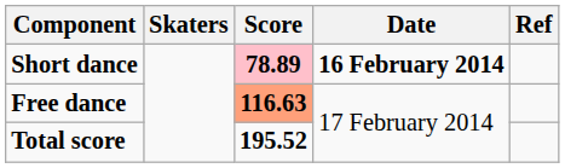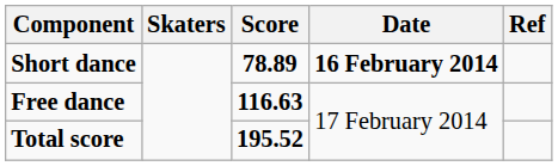 <table class=wikitable>
 <tr>
 <th>Component</th>
 <th>Skaters</th>
 <th>Score</th>
 <th>Date</th>
 <th>Ref</th>
 </tr>
 <tr>
 <td><strong>Short dance</strong></td>
 <td rowspan="3"></td>
-<td align=center style="background: pink;"><strong>78.89</strong></td>
+<td align=center><strong>78.89</strong></td>
 <td><strong>16 February 2014</strong></td>
 <td></td>
 </tr>
 <tr>
 <td><strong>Free dance</strong></td>
-<td align="center" style="background: lightsalmon;"><strong>116.63</strong></td>
+<td align="center"><strong>116.63</strong></td>
 <td rowspan="2">17 February 2014</td>
 <td></td>
 </tr>
 <tr>
 <td><strong>Total score</strong></td>
 <td align=center><strong>195.52</strong></td>
 <td></td>
 </tr>
 </table>
